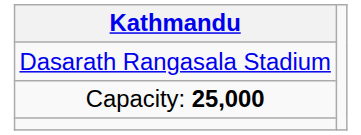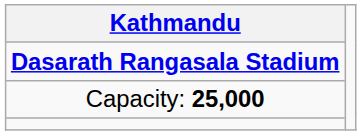 <table class="wikitable" style="text-align:center;margin:1em auto;">
 <tr>
 <th><a href='#'>Kathmandu</a></th>
 <td rowspan="4"></td>
 </tr>
 <tr>
-<td><a href='#'>Dasarath Rangasala Stadium</a></td>
+<td><strong><a href='#'>Dasarath Rangasala Stadium</a></strong></td>
 </tr>
 <tr>
 <td>Capacity: <strong>25,000</strong></td>
 </tr>
 <tr>
 <td></td>
 </tr>
 </table>
